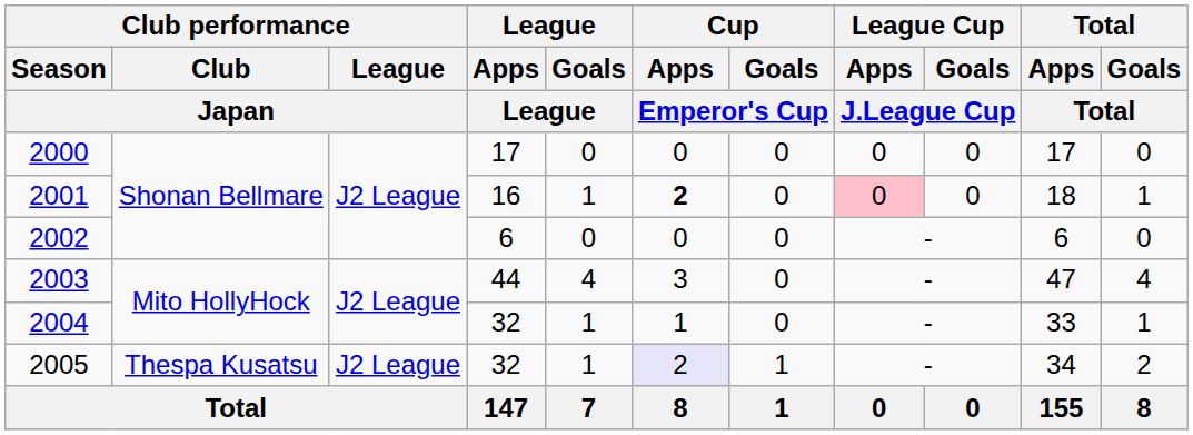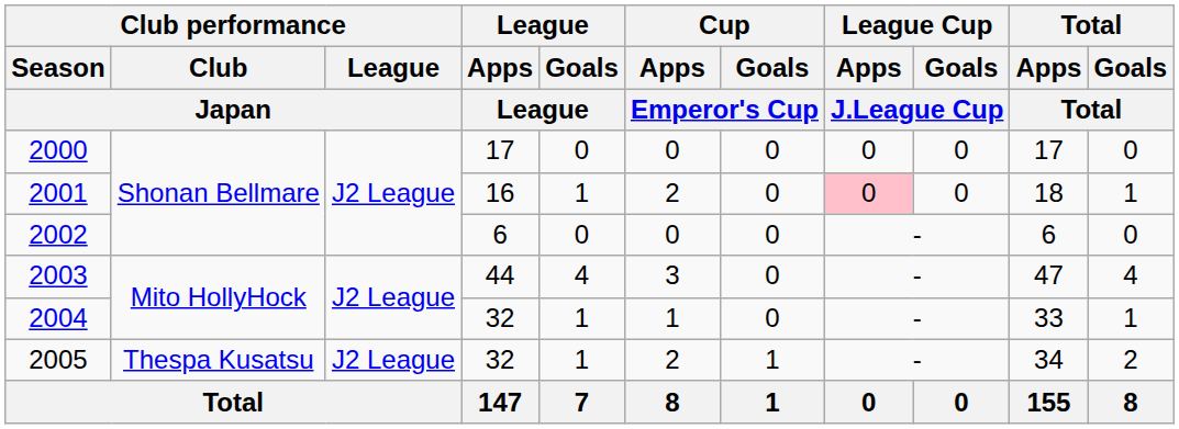 <table class="wikitable" style="text-align:center;">
 <tr>
 <th colspan=3>Club performance</th>
 <th colspan=2>League</th>
 <th colspan=2>Cup</th>
 <th colspan=2>League Cup</th>
 <th colspan=2>Total</th>
 </tr>
 <tr>
 <th>Season</th>
 <th>Club</th>
 <th>League</th>
 <th>Apps</th>
 <th>Goals</th>
 <th>Apps</th>
 <th>Goals</th>
 <th>Apps</th>
 <th>Goals</th>
 <th>Apps</th>
 <th>Goals</th>
 </tr>
 <tr>
 <th colspan=3>Japan</th>
 <th colspan=2>League</th>
 <th colspan=2><a href='#'>Emperor's Cup</a></th>
 <th colspan=2><a href='#'>J.League Cup</a></th>
 <th colspan=2>Total</th>
 </tr>
 <tr>
 <td><a href='#'>2000</a></td>
 <td rowspan="3"><a href='#'>Shonan Bellmare</a></td>
 <td rowspan="3"><a href='#'>J2 League</a></td>
 <td>17</td>
 <td>0</td>
 <td>0</td>
 <td>0</td>
 <td>0</td>
 <td>0</td>
 <td>17</td>
 <td>0</td>
 </tr>
 <tr>
 <td><a href='#'>2001</a></td>
 <td>16</td>
 <td>1</td>
-<td><strong>2</strong></td>
+<td>2</td>
 <td>0</td>
 <td style="background: pink;">0</td>
 <td>0</td>
 <td>18</td>
 <td>1</td>
 </tr>
 <tr>
 <td><a href='#'>2002</a></td>
 <td>6</td>
 <td>0</td>
 <td>0</td>
 <td>0</td>
 <td colspan="2">-</td>
 <td>6</td>
 <td>0</td>
 </tr>
 <tr>
 <td><a href='#'>2003</a></td>
 <td rowspan="2"><a href='#'>Mito HollyHock</a></td>
 <td rowspan="2"><a href='#'>J2 League</a></td>
 <td>44</td>
 <td>4</td>
 <td>3</td>
 <td>0</td>
 <td colspan="2">-</td>
 <td>47</td>
 <td>4</td>
 </tr>
 <tr>
 <td><a href='#'>2004</a></td>
 <td>32</td>
 <td>1</td>
 <td>1</td>
 <td>0</td>
 <td colspan="2">-</td>
 <td>33</td>
 <td>1</td>
 </tr>
 <tr>
 <td>2005</td>
 <td><a href='#'>Thespa Kusatsu</a></td>
 <td><a href='#'>J2 League</a></td>
 <td>32</td>
 <td>1</td>
-<td style="background: lavender;">2</td>
+<td>2</td>
 <td>1</td>
 <td colspan="2">-</td>
 <td>34</td>
 <td>2</td>
 </tr>
 <tr>
 <th colspan=3>Total</th>
 <th>147</th>
 <th>7</th>
 <th>8</th>
 <th>1</th>
 <th>0</th>
 <th>0</th>
 <th>155</th>
 <th>8</th>
 </tr>
 </table>
